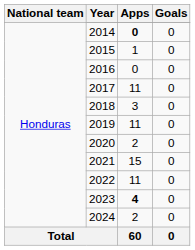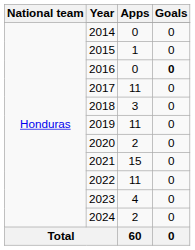 <table class="wikitable" style="text-align: center;">
 <tr>
 <th>National team</th>
 <th>Year</th>
 <th>Apps</th>
 <th>Goals</th>
 </tr>
 <tr>
 <td rowspan="12" valign="center"><a href='#'>Honduras</a></td>
 </tr>
 <tr>
 <td>2014</td>
-<td><strong>0</strong></td>
+<td>0</td>
 <td>0</td>
 </tr>
 <tr>
 <td>2015</td>
 <td>1</td>
 <td>0</td>
 </tr>
 <tr>
 <td>2016</td>
 <td>0</td>
-<td>0</td>
+<td><strong>0</strong></td>
 </tr>
 <tr>
 <td>2017</td>
 <td>11</td>
 <td>0</td>
 </tr>
 <tr>
 <td>2018</td>
 <td>3</td>
 <td>0</td>
 </tr>
 <tr>
 <td>2019</td>
 <td>11</td>
 <td>0</td>
 </tr>
 <tr>
 <td>2020</td>
 <td>2</td>
 <td>0</td>
 </tr>
 <tr>
 <td>2021</td>
 <td>15</td>
 <td>0</td>
 </tr>
 <tr>
 <td>2022</td>
 <td>11</td>
 <td>0</td>
 </tr>
 <tr>
 <td>2023</td>
-<td><strong>4</strong></td>
+<td>4</td>
 <td>0</td>
 </tr>
 <tr>
 <td>2024</td>
 <td>2</td>
 <td>0</td>
 </tr>
 <tr>
 <th colspan="2">Total</th>
 <th>60</th>
 <th>0</th>
 </tr>
 </table>
